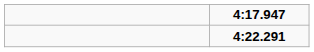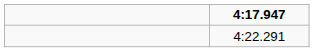 <table class="wikitable" style="text-align:center;">
 <tr>
 <td style="width:15em" align=left></td>
 <td style="width:7em;"><strong>4:17.947</strong></td>
 </tr>
 <tr>
 <td align=left></td>
-<td><strong>4:22.291</strong></td>
+<td>4:22.291</td>
 </tr>
 </table>
